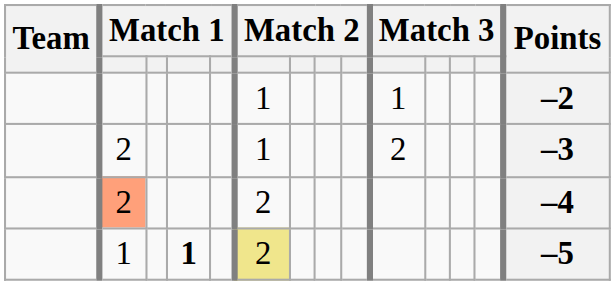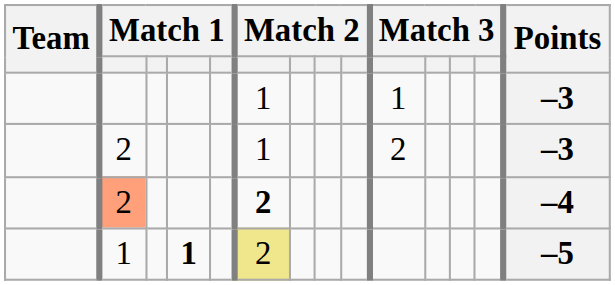 <table class="wikitable sortable" style="text-align:center;">
 <tr>
 <th rowspan=2>Team</th>
 <th colspan=4 style="border-left:3px solid gray">Match 1</th>
 <th colspan=4 style="border-left:3px solid gray">Match 2</th>
 <th colspan=4 style="border-left:3px solid gray">Match 3</th>
 <th rowspan=2 style="border-left:3px solid gray">Points</th>
 </tr>
 <tr>
 <th style="border-left:3px solid gray"></th>
 <th></th>
 <th></th>
 <th></th>
 <th style="border-left:3px solid gray"></th>
 <th></th>
 <th></th>
 <th></th>
 <th style="border-left:3px solid gray"></th>
 <th></th>
 <th></th>
 <th></th>
 </tr>
 <tr>
 <td align=left></td>
 <td style="border-left:3px solid gray"></td>
 <td></td>
 <td></td>
 <td></td>
 <td style="border-left:3px solid gray">1</td>
 <td></td>
 <td></td>
 <td></td>
 <td style="border-left:3px solid gray">1</td>
 <td></td>
 <td></td>
 <td></td>
-<th style="border-left:3px solid gray">–2</th>
+<th style="border-left:3px solid gray">–3</th>
 </tr>
 <tr>
 <td align=left></td>
 <td style="border-left:3px solid gray">2</td>
 <td></td>
 <td></td>
 <td></td>
 <td style="border-left:3px solid gray">1</td>
 <td></td>
 <td></td>
 <td></td>
 <td style="border-left:3px solid gray">2</td>
 <td></td>
 <td></td>
 <td></td>
 <th style="border-left:3px solid gray">–3</th>
 </tr>
 <tr>
 <td align=left></td>
 <td style="background: lightsalmon; border-left:3px solid gray">2</td>
 <td></td>
 <td></td>
 <td></td>
-<td style="border-left:3px solid gray">2</td>
+<td style="border-left:3px solid gray"><strong>2</strong></td>
 <td></td>
 <td></td>
 <td></td>
 <td style="border-left:3px solid gray"></td>
 <td></td>
 <td></td>
 <td></td>
 <th style="border-left:3px solid gray">–4</th>
 </tr>
 <tr>
 <td align=left></td>
 <td style="border-left:3px solid gray">1</td>
 <td></td>
 <td><strong>1</strong></td>
 <td></td>
 <td style="background: khaki; border-left:3px solid gray">2</td>
 <td></td>
 <td></td>
 <td></td>
 <td style="border-left:3px solid gray"></td>
 <td></td>
 <td></td>
 <td></td>
 <th style="border-left:3px solid gray">–5</th>
 </tr>
 </table>
